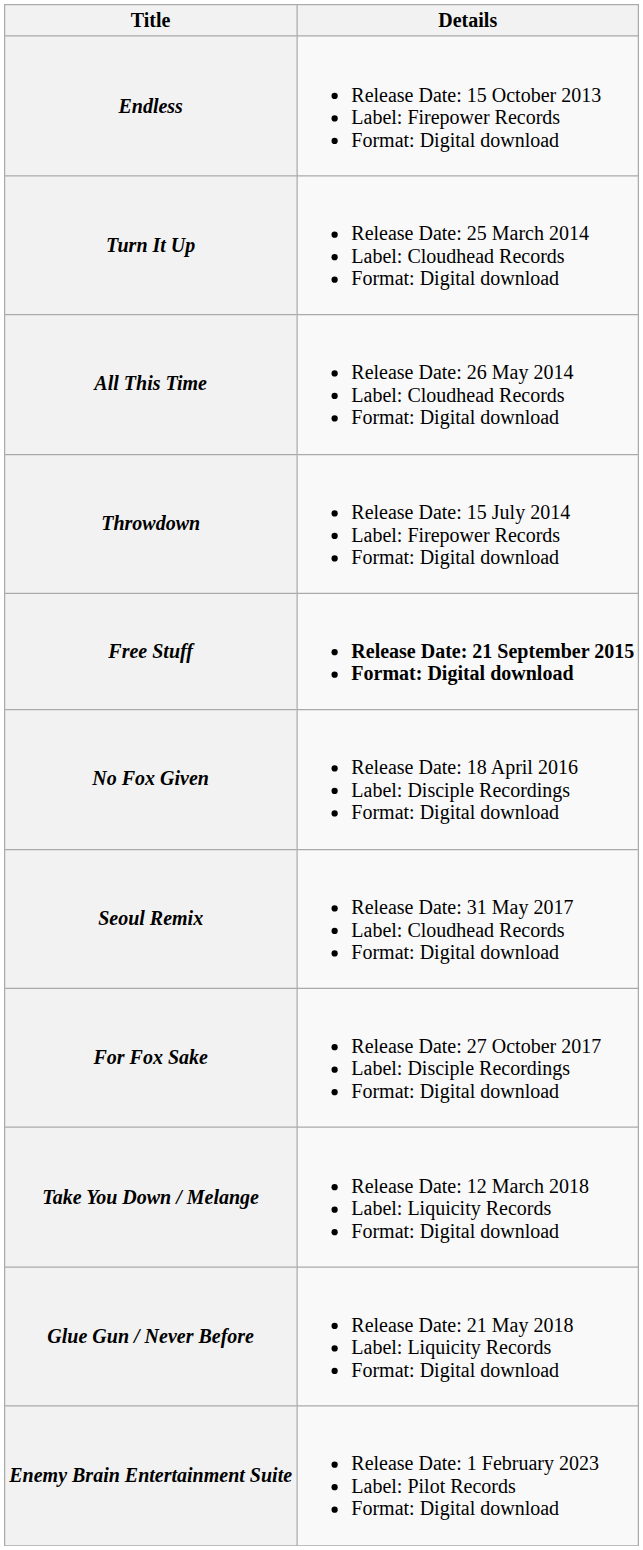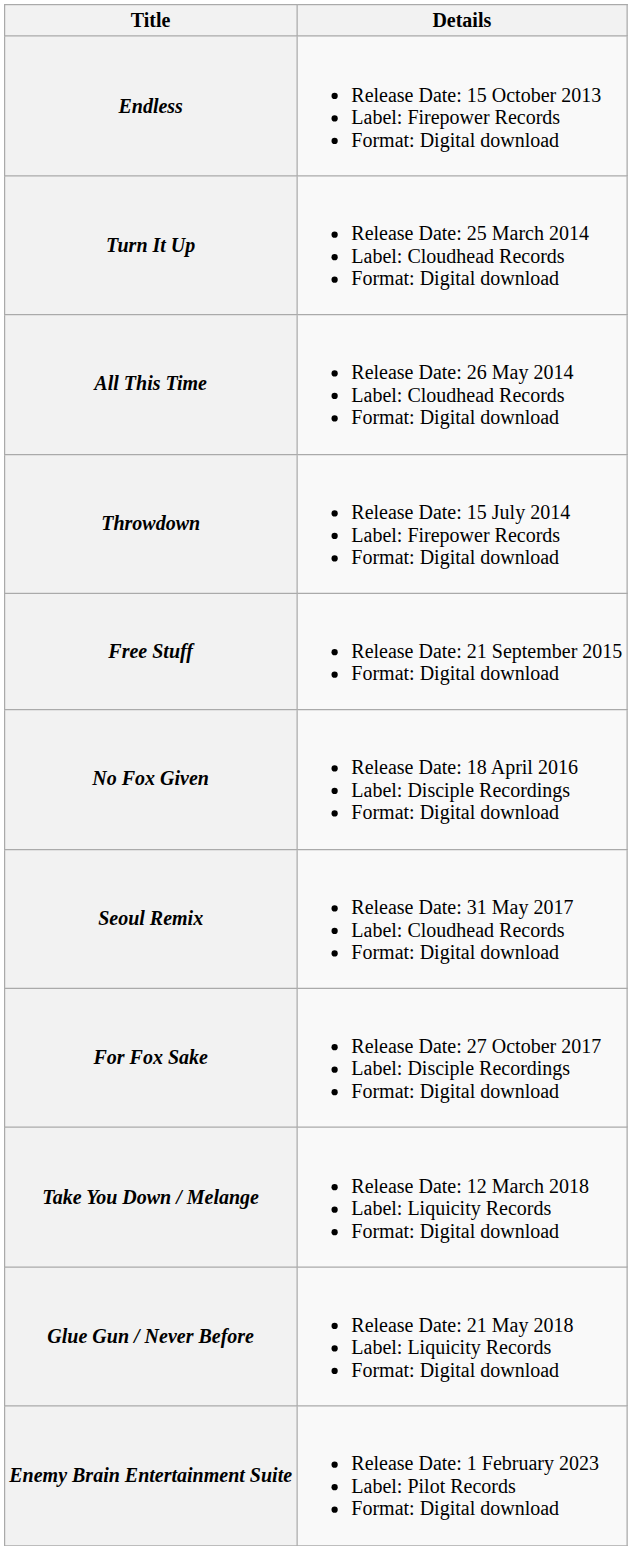 <table class="wikitable plainrowheaders">
 <tr>
 <th>Title</th>
 <th>Details</th>
 </tr>
 <tr>
 <th scope="row"><em>Endless</em></th>
 <td><br><ul><li>Release Date: 15 October 2013</li><li>Label: Firepower Records</li><li>Format: Digital download</li></ul></td>
 </tr>
 <tr>
 <th scope="row"><em>Turn It Up</em></th>
 <td><br><ul><li>Release Date: 25 March 2014</li><li>Label: Cloudhead Records</li><li>Format: Digital download</li></ul></td>
 </tr>
 <tr>
 <th scope="row"><em>All This Time</em></th>
 <td><br><ul><li>Release Date: 26 May 2014</li><li>Label: Cloudhead Records</li><li>Format: Digital download</li></ul></td>
 </tr>
 <tr>
 <th scope="row"><em>Throwdown</em></th>
 <td><br><ul><li>Release Date: 15 July 2014</li><li>Label: Firepower Records</li><li>Format: Digital download</li></ul></td>
 </tr>
 <tr>
 <th scope="row"><em>Free Stuff</em></th>
-<td><strong><br><ul><li>Release Date: 21 September 2015</li><li>Format: Digital download</li></ul></strong></td>
+<td><br><ul><li>Release Date: 21 September 2015</li><li>Format: Digital download</li></ul></td>
 </tr>
 <tr>
 <th scope="row"><em>No Fox Given</em></th>
 <td><br><ul><li>Release Date: 18 April 2016</li><li>Label: Disciple Recordings</li><li>Format: Digital download</li></ul></td>
 </tr>
 <tr>
 <th scope="row"><em>Seoul Remix</em></th>
 <td><br><ul><li>Release Date: 31 May 2017</li><li>Label: Cloudhead Records</li><li>Format: Digital download</li></ul></td>
 </tr>
 <tr>
 <th scope="row"><em>For Fox Sake</em></th>
 <td><br><ul><li>Release Date: 27 October 2017</li><li>Label: Disciple Recordings</li><li>Format: Digital download</li></ul></td>
 </tr>
 <tr>
 <th scope="row"><em>Take You Down / Melange</em></th>
 <td><br><ul><li>Release Date: 12 March 2018</li><li>Label: Liquicity Records</li><li>Format: Digital download</li></ul></td>
 </tr>
 <tr>
 <th scope="row"><em>Glue Gun / Never Before</em></th>
 <td><br><ul><li>Release Date: 21 May 2018</li><li>Label: Liquicity Records</li><li>Format: Digital download</li></ul></td>
 </tr>
 <tr>
 <th scope="row"><em>Enemy Brain Entertainment Suite</em></th>
 <td><br><ul><li>Release Date: 1 February 2023</li><li>Label: Pilot Records</li><li>Format: Digital download</li></ul></td>
 </tr>
 </table>
